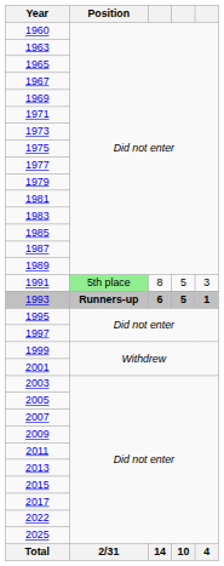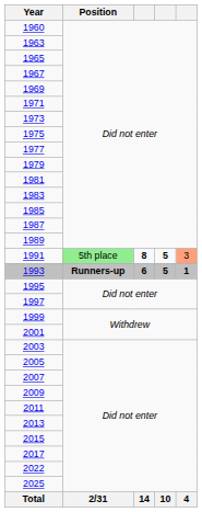 <table class="wikitable" style="text-align: center;font-size:90%;">
 <tr>
 <th width=80>Year</th>
 <th width=100>Position</th>
 <th width=25></th>
 <th width=25></th>
 <th width=25></th>
 </tr>
 <tr>
 <td> <a href='#'>1960</a></td>
 <td rowspan=15 colspan=4><em>Did not enter</em></td>
 </tr>
 <tr>
 <td> <a href='#'>1963</a></td>
 </tr>
 <tr>
 <td> <a href='#'>1965</a></td>
 </tr>
 <tr>
 <td> <a href='#'>1967</a></td>
 </tr>
 <tr>
 <td> <a href='#'>1969</a></td>
 </tr>
 <tr>
 <td> <a href='#'>1971</a></td>
 </tr>
 <tr>
 <td> <a href='#'>1973</a></td>
 </tr>
 <tr>
 <td> <a href='#'>1975</a></td>
 </tr>
 <tr>
 <td> <a href='#'>1977</a></td>
 </tr>
 <tr>
 <td> <a href='#'>1979</a></td>
 </tr>
 <tr>
 <td> <a href='#'>1981</a></td>
 </tr>
 <tr>
 <td> <a href='#'>1983</a></td>
 </tr>
 <tr>
 <td> <a href='#'>1985</a></td>
 </tr>
 <tr>
 <td> <a href='#'>1987</a></td>
 </tr>
 <tr>
 <td> <a href='#'>1989</a></td>
 </tr>
 <tr>
 <td> <a href='#'>1991</a></td>
 <td style="background: lightgreen;">5th place</td>
-<td>8</td>
-<td>5</td>
-<td>3</td>
+<td><strong>8</strong></td>
+<td><strong>5</strong></td>
+<td style="background: lightsalmon;">3</td>
 </tr>
 <tr bgcolor=silver>
 <td> <a href='#'>1993</a></td>
 <td><strong>Runners-up</strong></td>
 <td><strong>6</strong></td>
 <td><strong>5</strong></td>
 <td><strong>1</strong></td>
 </tr>
 <tr>
 <td> <a href='#'>1995</a></td>
 <td rowspan=2 colspan=4><em>Did not enter</em></td>
 </tr>
 <tr>
 <td> <a href='#'>1997</a></td>
 </tr>
 <tr>
 <td> <a href='#'>1999</a></td>
 <td rowspan=2 colspan=4><em>Withdrew</em></td>
 </tr>
 <tr>
 <td> <a href='#'>2001</a></td>
 </tr>
 <tr>
 <td> <a href='#'>2003</a></td>
 <td rowspan=10 colspan=4><em>Did not enter</em></td>
 </tr>
 <tr>
 <td> <a href='#'>2005</a></td>
 </tr>
 <tr>
 <td> <a href='#'>2007</a></td>
 </tr>
 <tr>
 <td> <a href='#'>2009</a></td>
 </tr>
 <tr>
 <td> <a href='#'>2011</a></td>
 </tr>
 <tr>
 <td> <a href='#'>2013</a></td>
 </tr>
 <tr>
 <td> <a href='#'>2015</a></td>
 </tr>
 <tr>
 <td> <a href='#'>2017</a></td>
 </tr>
 <tr>
 <td> <a href='#'>2022</a></td>
 </tr>
 <tr>
 <td> <a href='#'>2025</a></td>
 </tr>
 <tr>
 <th>Total</th>
 <th>2/31</th>
 <th>14</th>
 <th>10</th>
 <th>4</th>
 </tr>
 </table>
